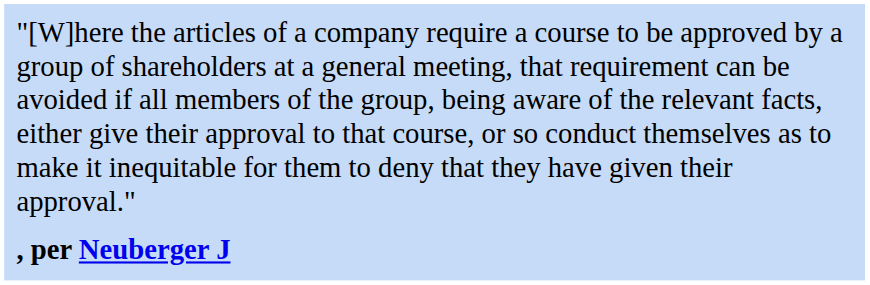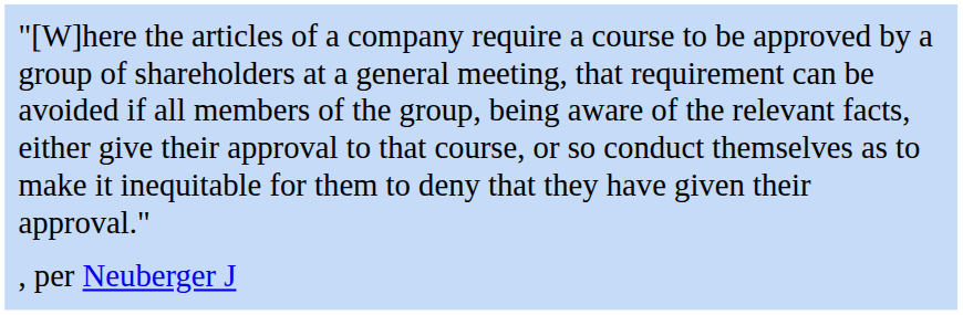 <table class="toccolours" style="float: right; margin-left: 1em; margin-right: 2em; font-size: 85%; background:#c6dbf7; color:black; width:30em; max-width: 40%;" cellspacing="5">
 <tr>
 <td style="text-align: left;">"[W]here the articles of a company require a course to be approved by a group of shareholders at a general meeting, that requirement can be avoided if all members of the group, being aware of the relevant facts, either give their approval to that course, or so conduct themselves as to make it inequitable for them to deny that they have given their approval."</td>
 </tr>
 <tr>
-<td style="text-align: left;"><strong>, per <a href='#'>Neuberger J</a></strong></td>
+<td style="text-align: left;">, per <a href='#'>Neuberger J</a></td>
 </tr>
 </table>
